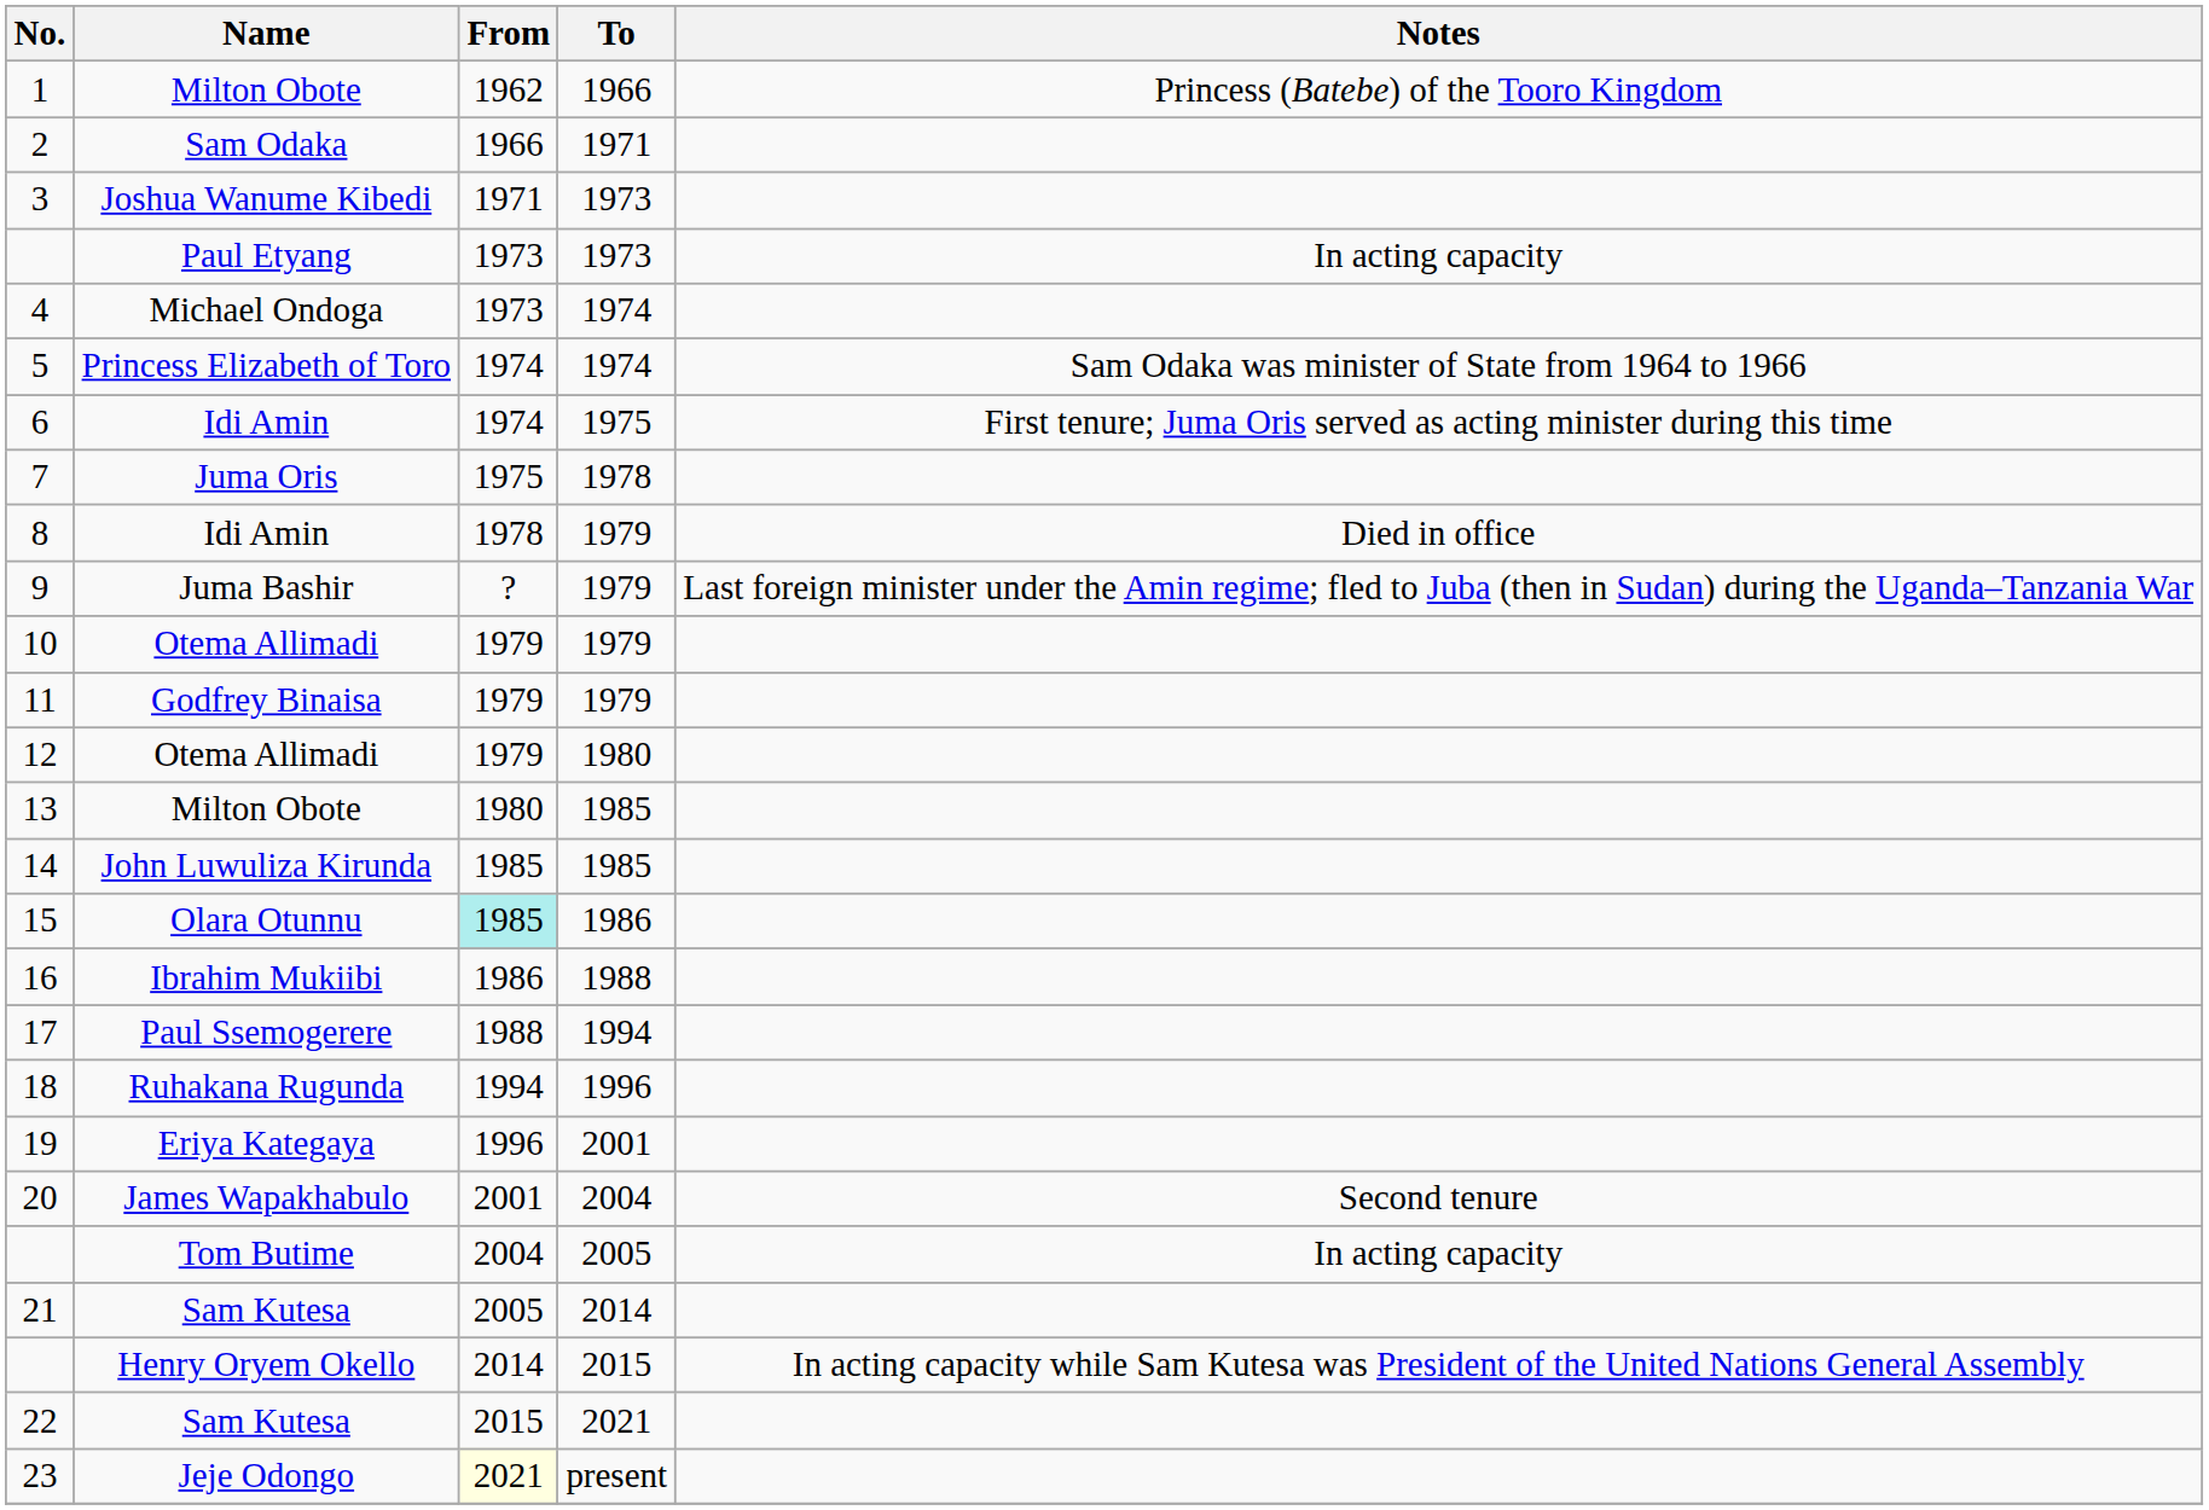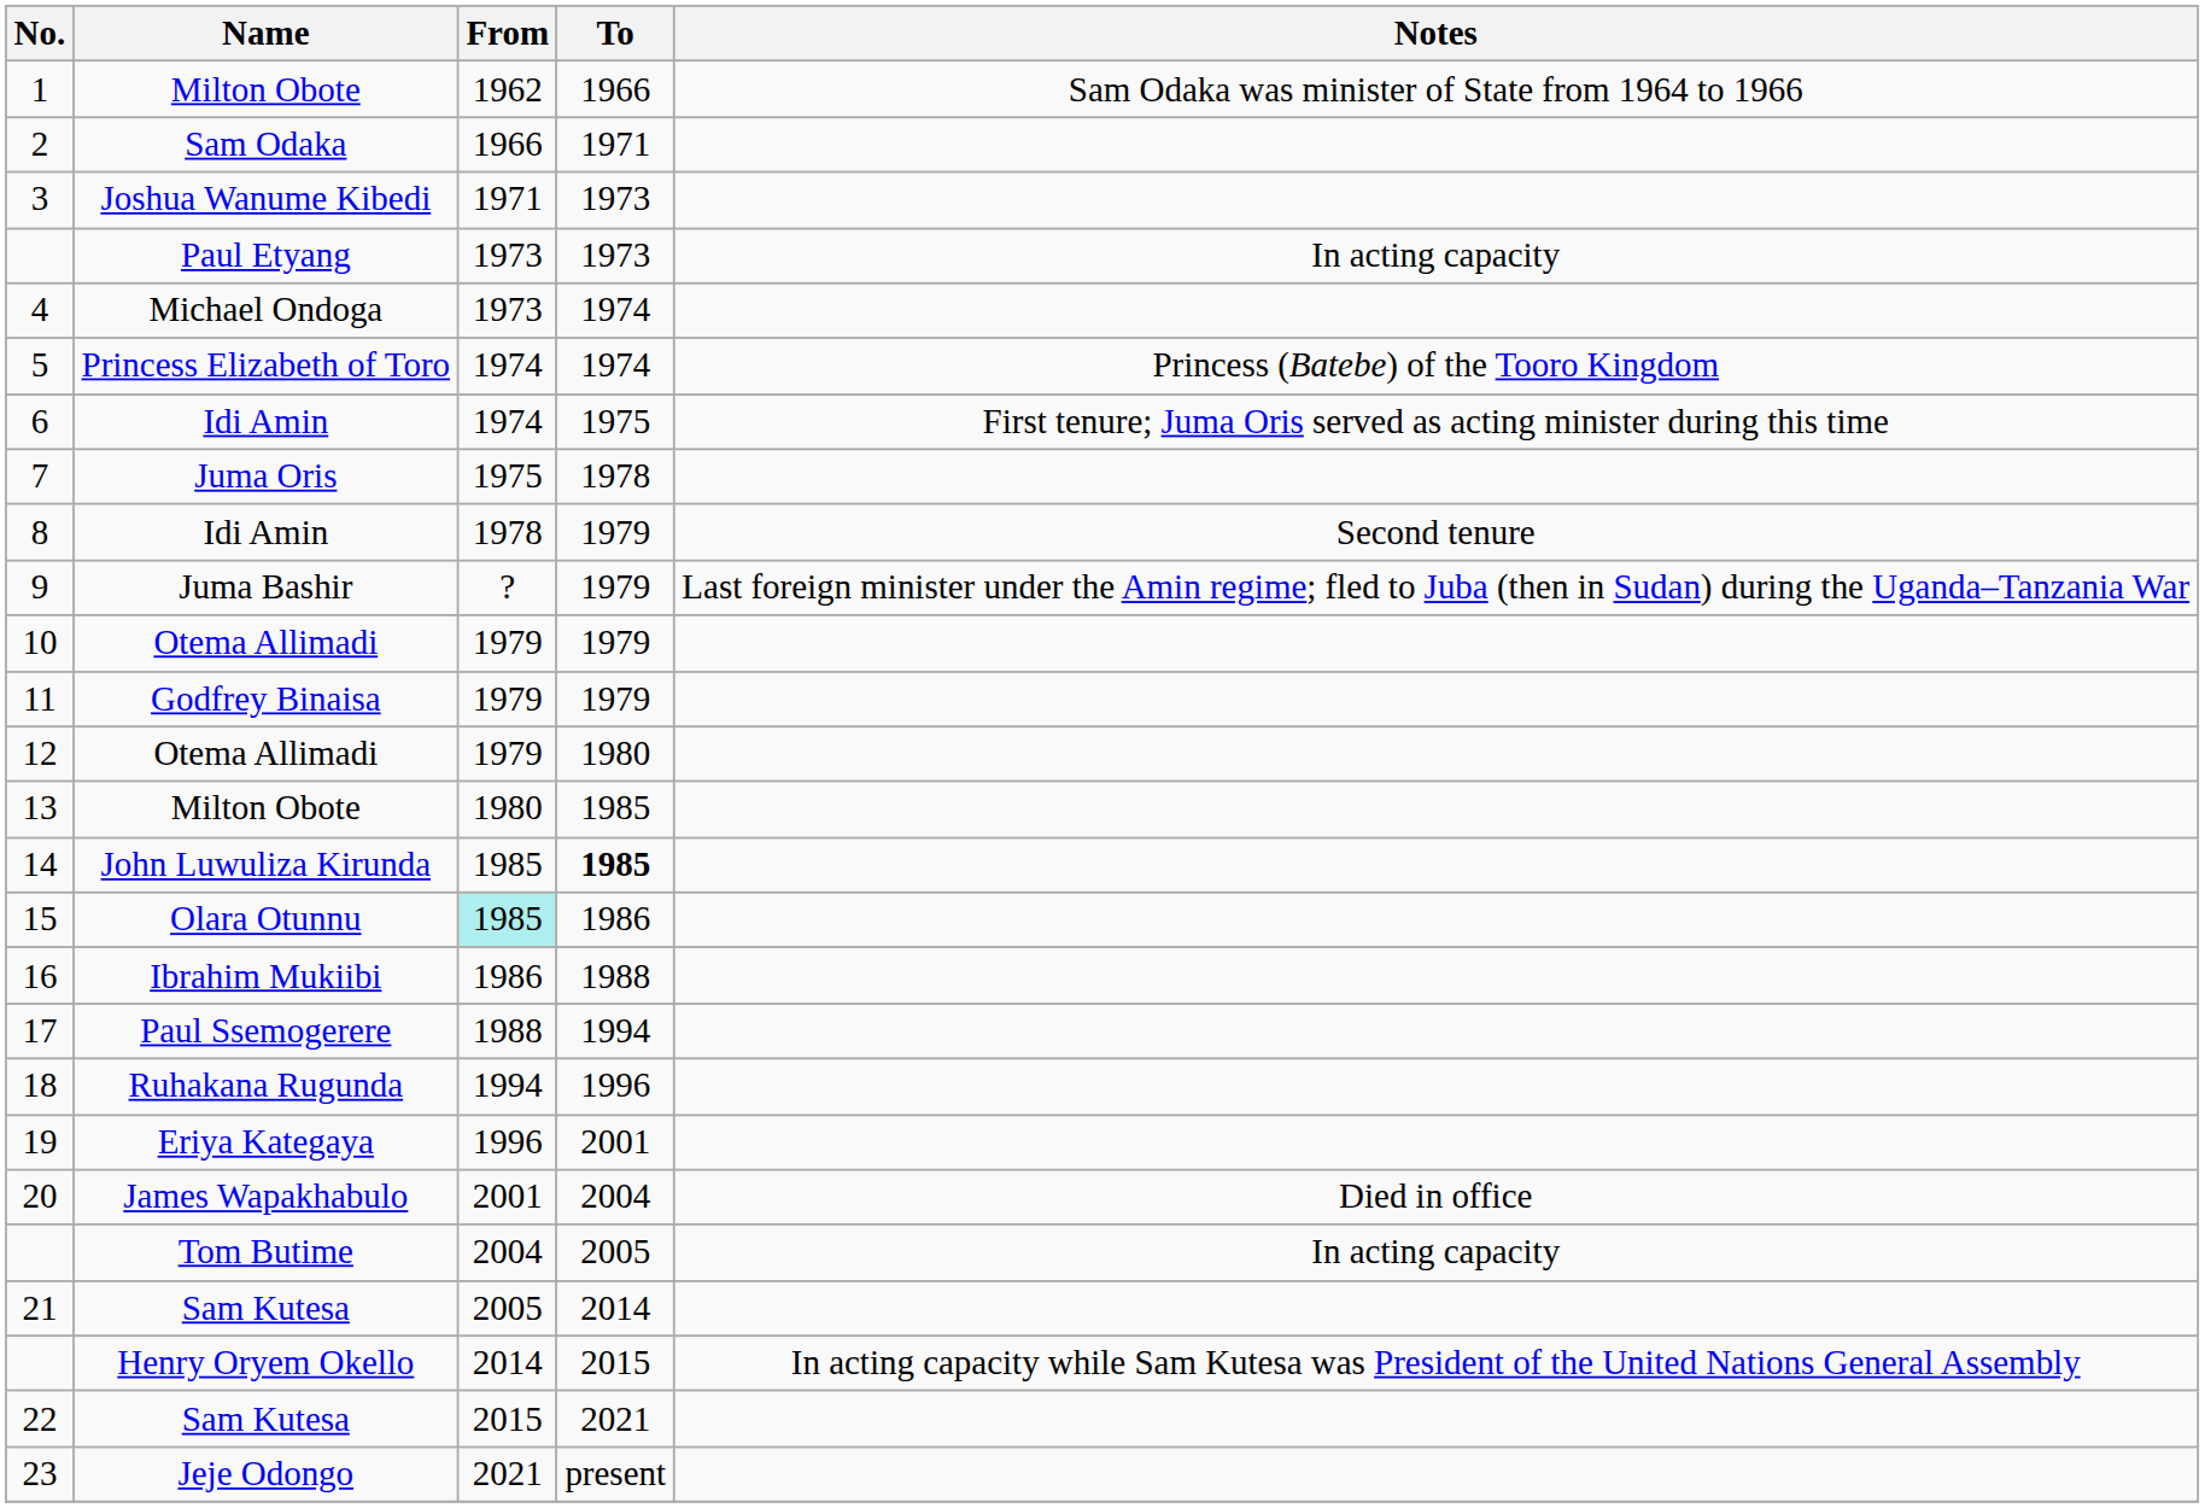 <table class="wikitable sortable" style="text-align:center">
 <tr>
 <th>No.</th>
 <th>Name</th>
 <th>From</th>
 <th>To</th>
 <th>Notes</th>
 </tr>
 <tr>
 <td>1</td>
 <td><a href='#'>Milton Obote</a></td>
 <td>1962</td>
 <td>1966</td>
-<td>Princess (<em>Batebe</em>) of the <a href='#'>Tooro Kingdom</a></td>
+<td>Sam Odaka was minister of State from 1964 to 1966</td>
 </tr>
 <tr>
 <td>2</td>
 <td><a href='#'>Sam Odaka</a></td>
 <td>1966</td>
 <td>1971</td>
 <td></td>
 </tr>
 <tr>
 <td>3</td>
 <td><a href='#'>Joshua Wanume Kibedi</a></td>
 <td>1971</td>
 <td>1973</td>
 <td></td>
 </tr>
 <tr>
 <td></td>
 <td><a href='#'>Paul Etyang</a></td>
 <td>1973</td>
 <td>1973</td>
 <td>In acting capacity</td>
 </tr>
 <tr>
 <td>4</td>
 <td>Michael Ondoga</td>
 <td>1973</td>
 <td>1974</td>
 <td></td>
 </tr>
 <tr>
 <td>5</td>
 <td><a href='#'>Princess Elizabeth of Toro</a></td>
 <td>1974</td>
 <td>1974</td>
-<td>Sam Odaka was minister of State from 1964 to 1966</td>
+<td>Princess (<em>Batebe</em>) of the <a href='#'>Tooro Kingdom</a></td>
 </tr>
 <tr>
 <td>6</td>
 <td><a href='#'>Idi Amin</a></td>
 <td>1974</td>
 <td>1975</td>
 <td>First tenure; <a href='#'>Juma Oris</a> served as acting minister during this time</td>
 </tr>
 <tr>
 <td>7</td>
 <td><a href='#'>Juma Oris</a></td>
 <td>1975</td>
 <td>1978</td>
 <td></td>
 </tr>
 <tr>
 <td>8</td>
 <td>Idi Amin</td>
 <td>1978</td>
 <td>1979</td>
-<td>Died in office</td>
+<td>Second tenure</td>
 </tr>
 <tr>
 <td>9</td>
 <td>Juma Bashir</td>
 <td>?</td>
 <td>1979</td>
 <td>Last foreign minister under the <a href='#'>Amin regime</a>; fled to <a href='#'>Juba</a> (then in <a href='#'>Sudan</a>) during the <a href='#'>Uganda–Tanzania War</a></td>
 </tr>
 <tr>
 <td>10</td>
 <td><a href='#'>Otema Allimadi</a></td>
 <td>1979</td>
 <td>1979</td>
 <td></td>
 </tr>
 <tr>
 <td>11</td>
 <td><a href='#'>Godfrey Binaisa</a></td>
 <td>1979</td>
 <td>1979</td>
 <td></td>
 </tr>
 <tr>
 <td>12</td>
 <td>Otema Allimadi</td>
 <td>1979</td>
 <td>1980</td>
 <td></td>
 </tr>
 <tr>
 <td>13</td>
 <td>Milton Obote</td>
 <td>1980</td>
 <td>1985</td>
 <td></td>
 </tr>
 <tr>
 <td>14</td>
 <td><a href='#'>John Luwuliza Kirunda</a></td>
 <td>1985</td>
-<td>1985</td>
+<td><strong>1985</strong></td>
 <td></td>
 </tr>
 <tr>
 <td>15</td>
 <td><a href='#'>Olara Otunnu</a></td>
 <td style="background: paleturquoise;">1985</td>
 <td>1986</td>
 <td></td>
 </tr>
 <tr>
 <td>16</td>
 <td><a href='#'>Ibrahim Mukiibi</a></td>
 <td>1986</td>
 <td>1988</td>
 <td></td>
 </tr>
 <tr>
 <td>17</td>
 <td><a href='#'>Paul Ssemogerere</a></td>
 <td>1988</td>
 <td>1994</td>
 <td></td>
 </tr>
 <tr>
 <td>18</td>
 <td><a href='#'>Ruhakana Rugunda</a></td>
 <td>1994</td>
 <td>1996</td>
 <td></td>
 </tr>
 <tr>
 <td>19</td>
 <td><a href='#'>Eriya Kategaya</a></td>
 <td>1996</td>
 <td>2001</td>
 <td></td>
 </tr>
 <tr>
 <td>20</td>
 <td><a href='#'>James Wapakhabulo</a></td>
 <td>2001</td>
 <td>2004</td>
-<td>Second tenure</td>
+<td>Died in office</td>
 </tr>
 <tr>
 <td></td>
 <td><a href='#'>Tom Butime</a></td>
 <td>2004</td>
 <td>2005</td>
 <td>In acting capacity</td>
 </tr>
 <tr>
 <td>21</td>
 <td><a href='#'>Sam Kutesa</a></td>
 <td>2005</td>
 <td>2014</td>
 <td></td>
 </tr>
 <tr>
 <td></td>
 <td><a href='#'>Henry Oryem Okello</a></td>
 <td>2014</td>
 <td>2015</td>
 <td>In acting capacity while Sam Kutesa was <a href='#'>President of the United Nations General Assembly</a></td>
 </tr>
 <tr>
 <td>22</td>
 <td><a href='#'>Sam Kutesa</a></td>
 <td>2015</td>
 <td>2021</td>
 <td></td>
 </tr>
 <tr>
 <td>23</td>
 <td><a href='#'>Jeje Odongo</a></td>
-<td style="background: lightyellow;">2021</td>
+<td>2021</td>
 <td>present</td>
 <td></td>
 </tr>
 <tr>
 </tr>
 </table>
